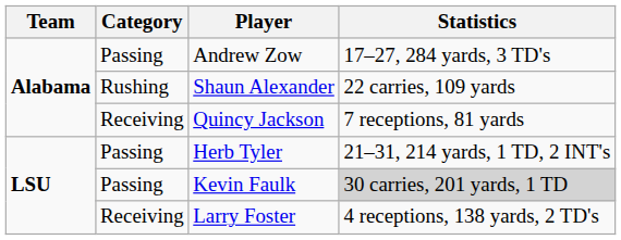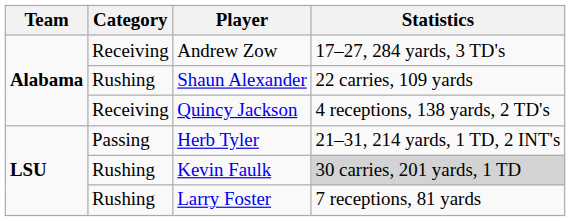 <table class="wikitable" style="float: right;">
 <tr>
 <th>Team</th>
 <th>Category</th>
 <th>Player</th>
 <th>Statistics</th>
 </tr>
 <tr>
 <td rowspan=3><strong>Alabama</strong></td>
-<td>Passing</td>
+<td>Receiving</td>
 <td>Andrew Zow</td>
 <td>17–27, 284 yards, 3 TD's</td>
 </tr>
 <tr>
 <td>Rushing</td>
 <td><a href='#'>Shaun Alexander</a></td>
 <td>22 carries, 109 yards</td>
 </tr>
 <tr>
 <td>Receiving</td>
 <td><a href='#'>Quincy Jackson</a></td>
-<td>7 receptions, 81 yards</td>
+<td>4 receptions, 138 yards, 2 TD's</td>
 </tr>
 <tr>
 <td rowspan=3><strong>LSU</strong></td>
 <td>Passing</td>
 <td><a href='#'>Herb Tyler</a></td>
 <td>21–31, 214 yards, 1 TD, 2 INT's</td>
 </tr>
 <tr>
-<td>Passing</td>
+<td>Rushing</td>
 <td><a href='#'>Kevin Faulk</a></td>
 <td style="background: lightgrey;">30 carries, 201 yards, 1 TD</td>
 </tr>
 <tr>
-<td>Receiving</td>
+<td>Rushing</td>
 <td><a href='#'>Larry Foster</a></td>
-<td>4 receptions, 138 yards, 2 TD's</td>
+<td>7 receptions, 81 yards</td>
 </tr>
 </table>
